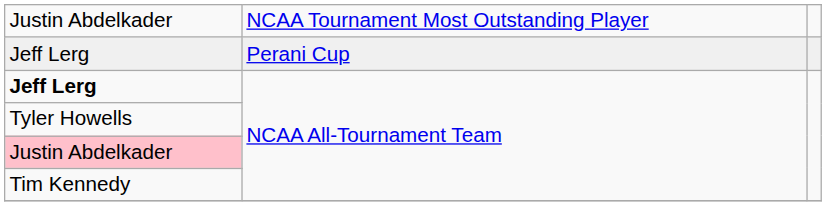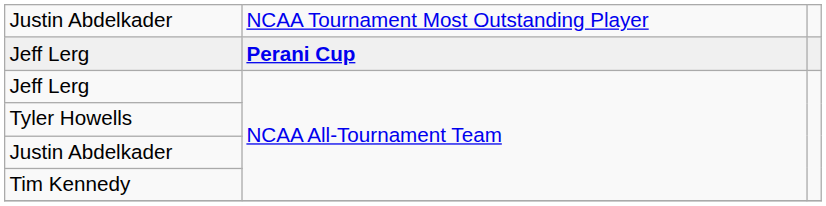 <table class="wikitable" width=40%>
 <tr>
 <td>Justin Abdelkader</td>
 <td rowspan=1><a href='#'>NCAA Tournament Most Outstanding Player</a></td>
 <td rowspan=1></td>
 </tr>
 <tr bgcolor=f0f0f0>
 <td>Jeff Lerg</td>
-<td rowspan=1><a href='#'>Perani Cup</a></td>
+<td rowspan=1><strong><a href='#'>Perani Cup</a></strong></td>
 <td rowspan=1></td>
 </tr>
 <tr>
-<td><strong>Jeff Lerg</strong></td>
+<td>Jeff Lerg</td>
 <td rowspan=4><a href='#'>NCAA All-Tournament Team</a></td>
 <td rowspan=4></td>
 </tr>
 <tr>
 <td>Tyler Howells</td>
 </tr>
 <tr>
-<td style="background: pink;">Justin Abdelkader</td>
+<td>Justin Abdelkader</td>
 </tr>
 <tr>
 <td>Tim Kennedy</td>
 </tr>
 <tr>
 </tr>
 </table>
